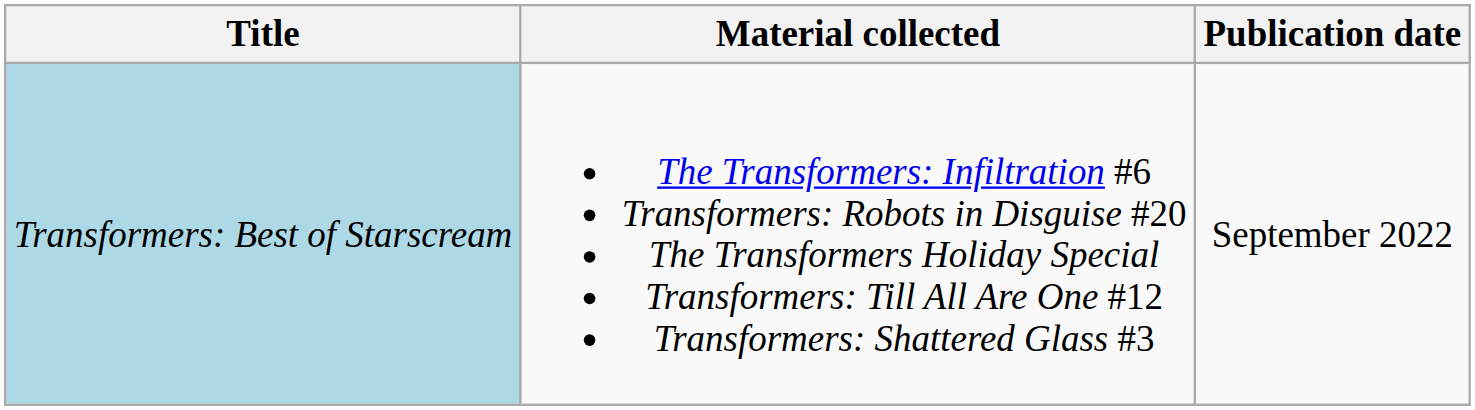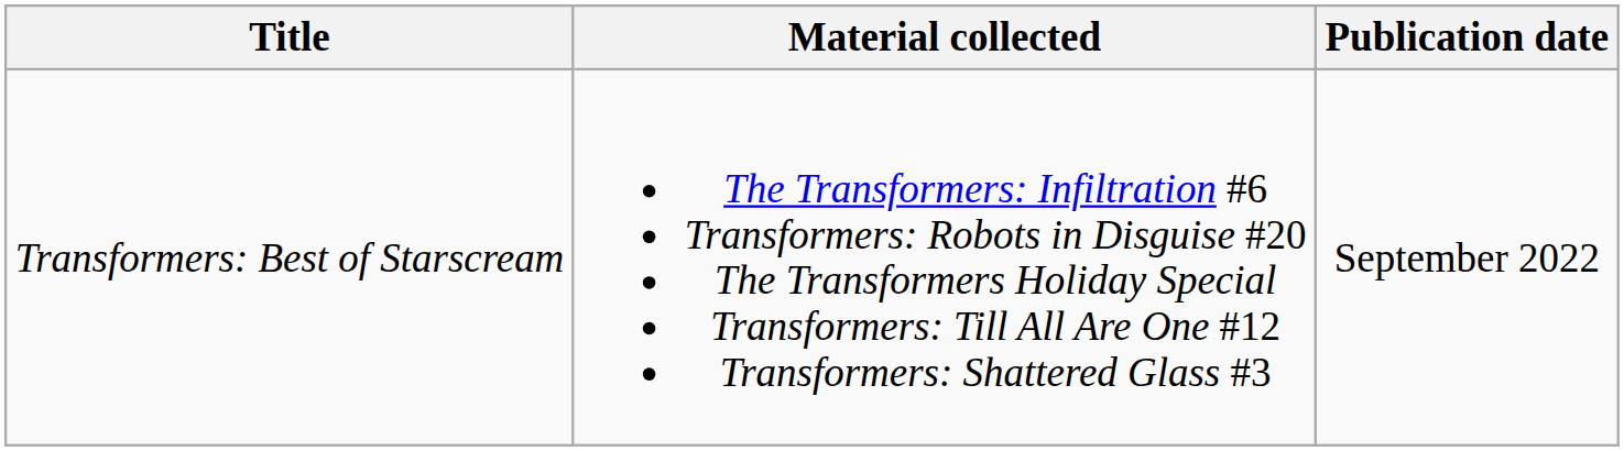 <table class="wikitable" style="text-align: center;">
 <tr>
 <th>Title</th>
 <th>Material collected</th>
 <th>Publication date</th>
 </tr>
 <tr>
-<td align="left" style="background: lightblue;"><em>Transformers: Best of Starscream</em></td>
+<td align="left"><em>Transformers: Best of Starscream</em></td>
 <td><br><ul><li><em><a href='#'>The Transformers: Infiltration</a></em> #6</li><li><em>Transformers: Robots in Disguise</em> #20</li><li><em>The Transformers Holiday Special</em></li><li><em>Transformers: Till All Are One</em> #12</li><li><em>Transformers: Shattered Glass</em> #3</li></ul></td>
 <td>September 2022</td>
 </tr>
 </table>
